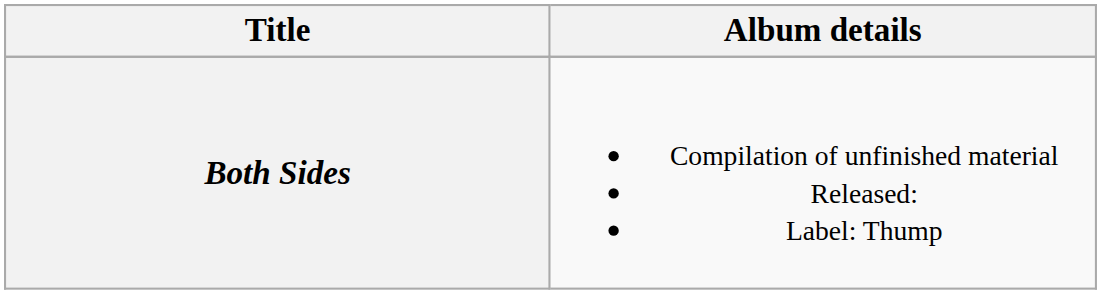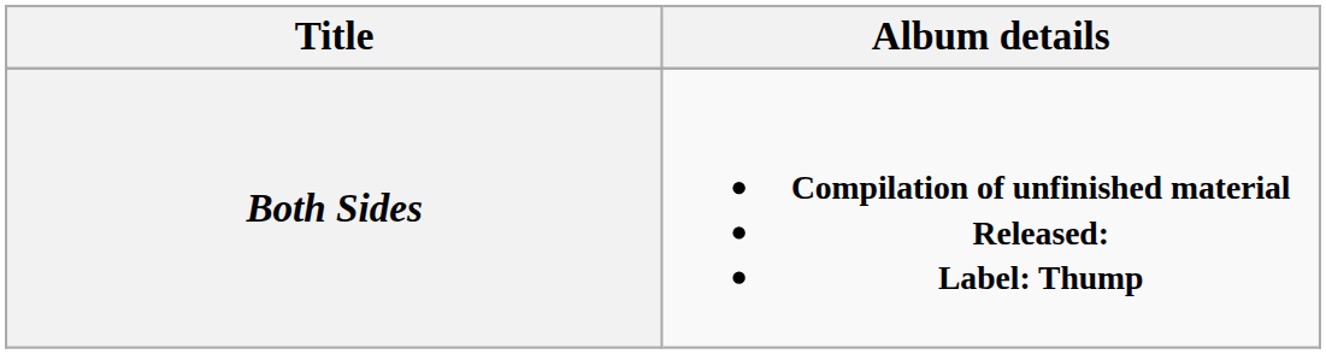 <table class="wikitable plainrowheaders" style="text-align:center;">
 <tr>
 <th scope="col" rowspan="1" style="width:16em;">Title</th>
 <th scope="col" rowspan="1" style="width:16em;">Album details</th>
 </tr>
 <tr>
 </tr>
 <tr>
 <th scope="row"><em>Both Sides</em></th>
-<td><br><ul><li><small>Compilation of unfinished material</small></li><li><small>Released: </small></li><li><small>Label: Thump</small></li></ul></td>
+<td><strong><br><ul><li><small>Compilation of unfinished material</small></li><li><small>Released: </small></li><li><small>Label: Thump</small></li></ul></strong></td>
 </tr>
 </table>
